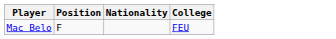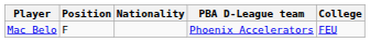 <table class="wikitable sortable sortable">
 <tr>
 <th>Player</th>
 <th>Position</th>
 <th>Nationality</th>
+<th>PBA D-League team</th>
 <th>College</th>
 </tr>
 <tr>
 <td><a href='#'>Mac Belo</a></td>
 <td>F</td>
 <td></td>
+<td><a href='#'>Phoenix Accelerators</a></td>
 <td><a href='#'>FEU</a></td>
 </tr>
 </table>
